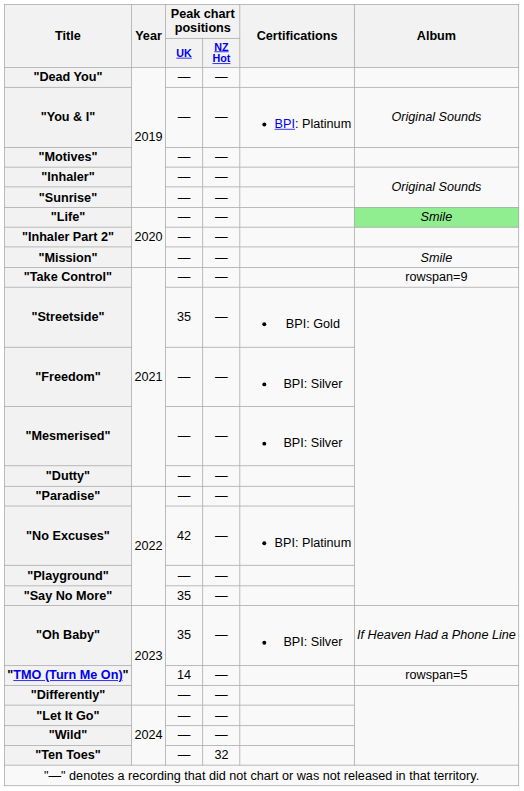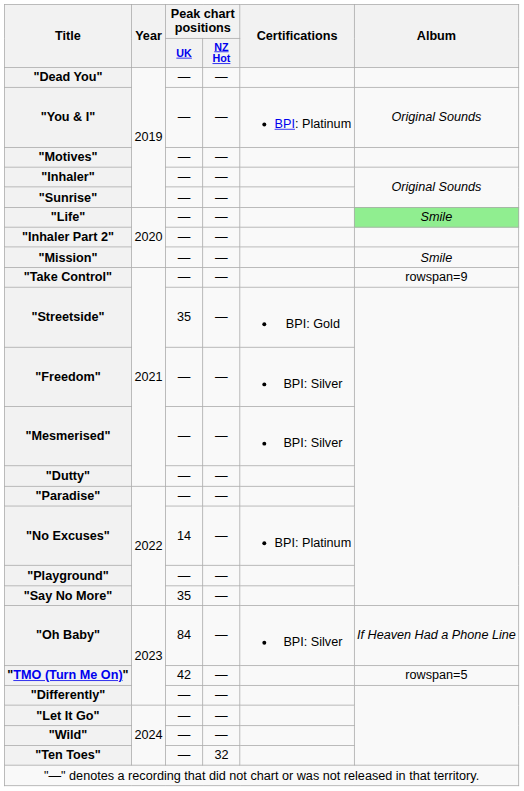 <table class="wikitable mw-collapsible plainrowheaders" style="text-align:center;">
 <tr>
 <th scope="col" rowspan="2">Title</th>
 <th scope="col" rowspan="2">Year</th>
 <th scope="col" colspan="2">Peak chart positions</th>
 <th scope="col" rowspan="2">Certifications</th>
 <th scope="col" rowspan="2">Album</th>
 </tr>
 <tr>
 <th scope="col" style="width:3em;font-size:85%;"><a href='#'>UK</a><br></th>
 <th scope="col" style="width:3em;font-size:85%;"><a href='#'>NZ<br>Hot</a><br></th>
 </tr>
 <tr>
 <th scope="row">"Dead You"<br></th>
 <td rowspan=5>2019</td>
 <td>—</td>
 <td>—</td>
 <td></td>
 <td></td>
 </tr>
 <tr>
 <th scope="row">"You & I"<br></th>
 <td>—</td>
 <td>—</td>
 <td><br><ul><li><a href='#'>BPI</a>: Platinum</li></ul></td>
 <td><em>Original Sounds</em></td>
 </tr>
 <tr>
 <th scope="row">"Motives"</th>
 <td>—</td>
 <td>—</td>
 <td></td>
 <td></td>
 </tr>
 <tr>
 <th scope="row">"Inhaler"</th>
 <td>—</td>
 <td>—</td>
 <td></td>
 <td rowspan=2><em>Original Sounds</em></td>
 </tr>
 <tr>
 <th scope="row">"Sunrise"<br></th>
 <td>—</td>
 <td>—</td>
 <td></td>
 </tr>
 <tr>
 <th scope="row">"Life"<br></th>
 <td rowspan=3>2020</td>
 <td>—</td>
 <td>—</td>
 <td></td>
 <td style="background: lightgreen;"><em>Smile</em></td>
 </tr>
 <tr>
 <th scope="row">"Inhaler Part 2"</th>
 <td>—</td>
 <td>—</td>
 <td></td>
 <td></td>
 </tr>
 <tr>
 <th scope="row">"Mission"</th>
 <td>—</td>
 <td>—</td>
 <td></td>
 <td><em>Smile</em></td>
 </tr>
 <tr>
 <th scope="row">"Take Control"</th>
 <td rowspan=5>2021</td>
 <td>—</td>
 <td>—</td>
 <td></td>
 <td>rowspan=9 </td>
 </tr>
 <tr>
 <th scope="row">"Streetside"<br></th>
 <td>35</td>
 <td>—</td>
 <td><br><ul><li>BPI: Gold</li></ul></td>
 </tr>
 <tr>
 <th scope="row">"Freedom"</th>
 <td>—</td>
 <td>—</td>
 <td><br><ul><li>BPI: Silver</li></ul></td>
 </tr>
 <tr>
 <th scope="row">"Mesmerised"</th>
 <td>—</td>
 <td>—</td>
 <td><br><ul><li>BPI: Silver</li></ul></td>
 </tr>
 <tr>
 <th scope="row">"Dutty"<br></th>
 <td>—</td>
 <td>—</td>
 <td></td>
 </tr>
 <tr>
 <th scope="row">"Paradise"<br></th>
 <td rowspan=4>2022</td>
 <td>—</td>
 <td>—</td>
 <td></td>
 </tr>
 <tr>
 <th scope="row">"No Excuses"<br></th>
-<td>42</td>
+<td>14</td>
 <td>—</td>
 <td><br><ul><li>BPI: Platinum</li></ul></td>
 </tr>
 <tr>
 <th scope="row">"Playground"</th>
 <td>—</td>
 <td>—</td>
 <td></td>
 </tr>
 <tr>
 <th scope="row">"Say No More"<br></th>
 <td>35</td>
 <td>—</td>
 <td></td>
 </tr>
 <tr>
 <th scope="row">"Oh Baby"<br></th>
 <td rowspan="3">2023</td>
-<td>35</td>
+<td>84</td>
 <td>—</td>
 <td><br><ul><li>BPI: Silver</li></ul></td>
 <td><em>If Heaven Had a Phone Line</em></td>
 </tr>
 <tr>
 <th scope="row">"<a href='#'>TMO (Turn Me On)</a>" <br> </th>
-<td>14</td>
+<td>42</td>
 <td>—</td>
 <td></td>
 <td>rowspan=5 </td>
 </tr>
 <tr>
 <th scope="row">"Differently"<br> </th>
 <td>—</td>
 <td>—</td>
 <td></td>
 </tr>
 <tr>
 <th scope="row">"Let It Go"<br> </th>
 <td rowspan="3">2024</td>
 <td>—</td>
 <td>—</td>
 <td></td>
 </tr>
 <tr>
 <th scope="row">"Wild"</th>
 <td>—</td>
 <td>—</td>
 <td></td>
 </tr>
 <tr>
 <th scope="row">"Ten Toes"<br> </th>
 <td>—</td>
 <td>32</td>
 <td></td>
 </tr>
 <tr>
 <td colspan="6">"—" denotes a recording that did not chart or was not released in that territory.</td>
 </tr>
 </table>
